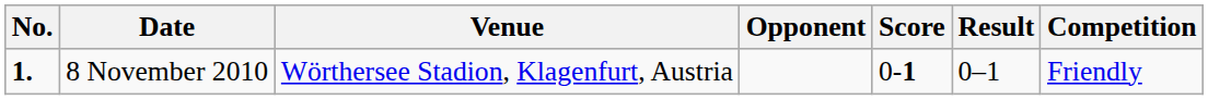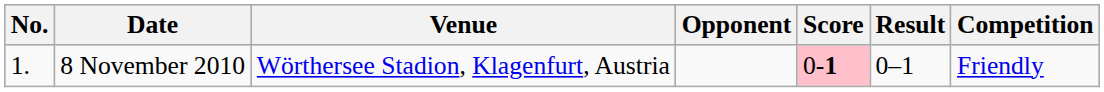 <table class="wikitable">
 <tr>
 <th>No.</th>
 <th>Date</th>
 <th>Venue</th>
 <th>Opponent</th>
 <th>Score</th>
 <th>Result</th>
 <th>Competition</th>
 </tr>
 <tr>
-<td><strong>1.</strong></td>
+<td>1.</td>
 <td rowspan="2">8 November 2010</td>
 <td rowspan="2"><a href='#'>Wörthersee Stadion</a>, <a href='#'>Klagenfurt</a>, Austria</td>
 <td rowspan="2"></td>
-<td>0-<strong>1</strong></td>
+<td style="background: pink;">0-<strong>1</strong></td>
 <td rowspan="2">0–1</td>
 <td rowspan="2"><a href='#'>Friendly</a></td>
 </tr>
 </table>
